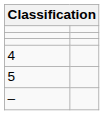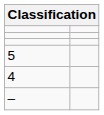 <table class="wikitable" font-size: 90%;>
 <tr>
 <th colspan=2>Classification</th>
 </tr>
 <tr valign="top">
 <td></td>
 <td></td>
 </tr>
 <tr>
 <td></td>
 <td></td>
 </tr>
 <tr>
 <td></td>
 <td></td>
 </tr>
 <tr>
-<td>4</td>
+<td>5</td>
 <td></td>
 </tr>
 <tr>
-<td>5</td>
+<td>4</td>
 <td></td>
 </tr>
 <tr>
 <td>–</td>
 <td></td>
 </tr>
 </table>
